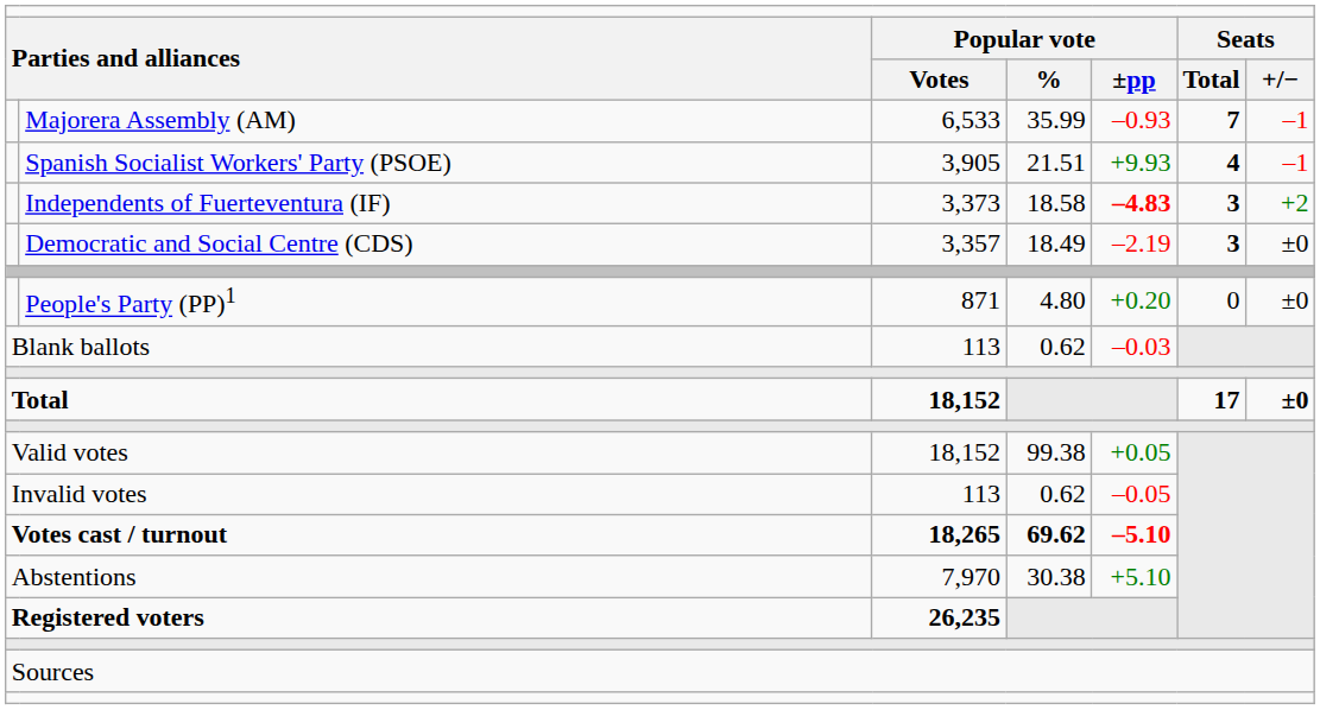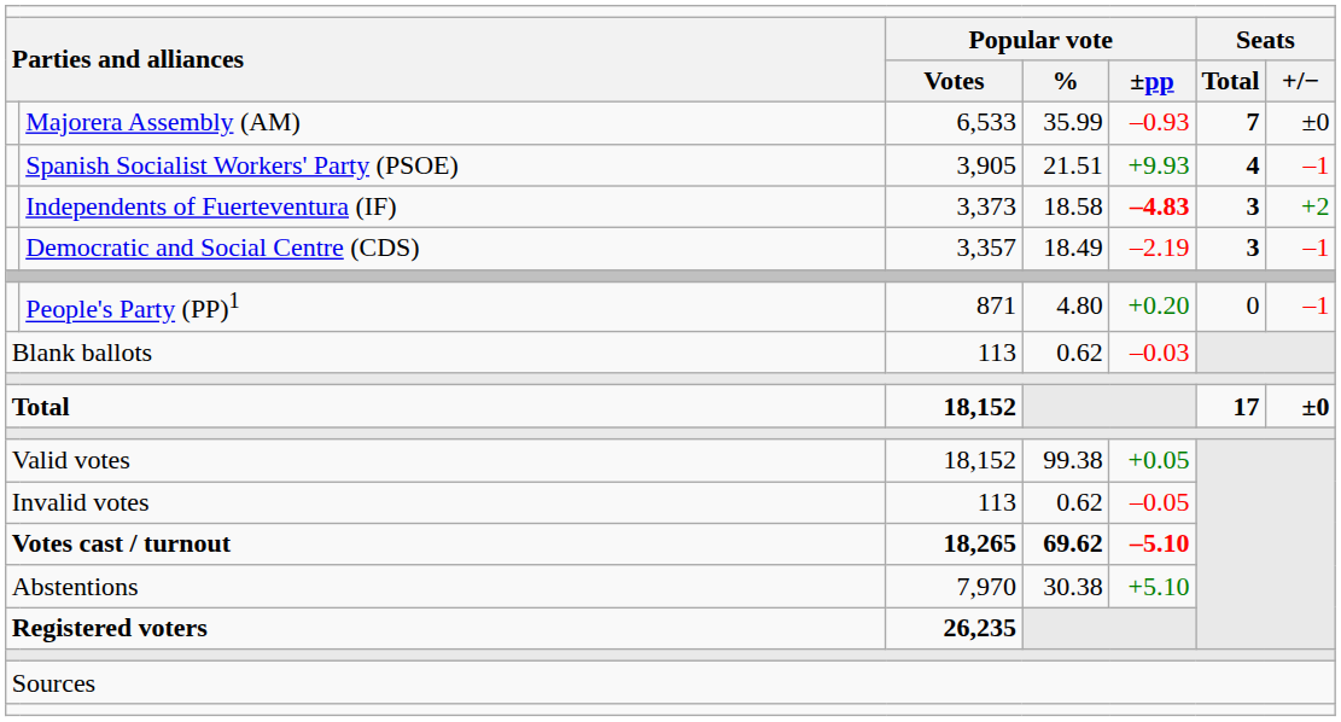 <table class="wikitable" style="text-align:right;">
 <tr>
 <td colspan="7"></td>
 </tr>
 <tr>
 <th style="text-align:left;" rowspan="2" colspan="2" width="525">Parties and alliances</th>
 <th colspan="3">Popular vote</th>
 <th colspan="2">Seats</th>
 </tr>
 <tr>
 <th width="75">Votes</th>
 <th width="45">%</th>
 <th width="45">±<a href='#'>pp</a></th>
 <th width="35">Total</th>
 <th width="35">+/−</th>
 </tr>
 <tr>
 <td width="1" style="color:inherit;background:"></td>
 <td align="left"><a href='#'>Majorera Assembly</a> (AM)</td>
 <td>6,533</td>
 <td>35.99</td>
 <td style="color:red;">–0.93</td>
 <td><strong>7</strong></td>
-<td style="color:red;">–1</td>
+<td>±0</td>
 </tr>
 <tr>
 <td style="color:inherit;background:"></td>
 <td align="left"><a href='#'>Spanish Socialist Workers' Party</a> (PSOE)</td>
 <td>3,905</td>
 <td>21.51</td>
 <td style="color:green;">+9.93</td>
 <td><strong>4</strong></td>
 <td style="color:red;">–1</td>
 </tr>
 <tr>
 <td style="color:inherit;background:"></td>
 <td align="left"><a href='#'>Independents of Fuerteventura</a> (IF)</td>
 <td>3,373</td>
 <td>18.58</td>
 <td style="color:red;"><strong>–4.83</strong></td>
 <td><strong>3</strong></td>
 <td style="color:green;">+2</td>
 </tr>
 <tr>
 <td style="color:inherit;background:"></td>
 <td align="left"><a href='#'>Democratic and Social Centre</a> (CDS)</td>
 <td>3,357</td>
 <td>18.49</td>
 <td style="color:red;">–2.19</td>
 <td><strong>3</strong></td>
-<td>±0</td>
+<td style="color:red;">–1</td>
 </tr>
 <tr>
 <td colspan="7" bgcolor="#C0C0C0"></td>
 </tr>
 <tr>
 <td style="color:inherit;background:"></td>
 <td align="left"><a href='#'>People's Party</a> (PP)<sup>1</sup></td>
 <td>871</td>
 <td>4.80</td>
 <td style="color:green;">+0.20</td>
 <td>0</td>
-<td>±0</td>
+<td style="color:red;">–1</td>
 </tr>
 <tr>
 <td align="left" colspan="2">Blank ballots</td>
 <td>113</td>
 <td>0.62</td>
 <td style="color:red;">–0.03</td>
 <td bgcolor="#E9E9E9" colspan="2"></td>
 </tr>
 <tr>
 <td colspan="7" bgcolor="#E9E9E9"></td>
 </tr>
 <tr style="font-weight:bold;">
 <td align="left" colspan="2">Total</td>
 <td>18,152</td>
 <td bgcolor="#E9E9E9" colspan="2"></td>
 <td>17</td>
 <td>±0</td>
 </tr>
 <tr>
 <td colspan="7" bgcolor="#E9E9E9"></td>
 </tr>
 <tr>
 <td align="left" colspan="2">Valid votes</td>
 <td>18,152</td>
 <td>99.38</td>
 <td style="color:green;">+0.05</td>
 <td bgcolor="#E9E9E9" colspan="2" rowspan="5"></td>
 </tr>
 <tr>
 <td align="left" colspan="2">Invalid votes</td>
 <td>113</td>
 <td>0.62</td>
 <td style="color:red;">–0.05</td>
 </tr>
 <tr style="font-weight:bold;">
 <td align="left" colspan="2">Votes cast / turnout</td>
 <td>18,265</td>
 <td>69.62</td>
 <td style="color:red;">–5.10</td>
 </tr>
 <tr>
 <td align="left" colspan="2">Abstentions</td>
 <td>7,970</td>
 <td>30.38</td>
 <td style="color:green;">+5.10</td>
 </tr>
 <tr style="font-weight:bold;">
 <td align="left" colspan="2">Registered voters</td>
 <td>26,235</td>
 <td bgcolor="#E9E9E9" colspan="2"></td>
 </tr>
 <tr>
 <td colspan="7" bgcolor="#E9E9E9"></td>
 </tr>
 <tr>
 <td align="left" colspan="7">Sources</td>
 </tr>
 <tr>
 <td colspan="7" style="text-align:left; max-width:790px;"></td>
 </tr>
 </table>
